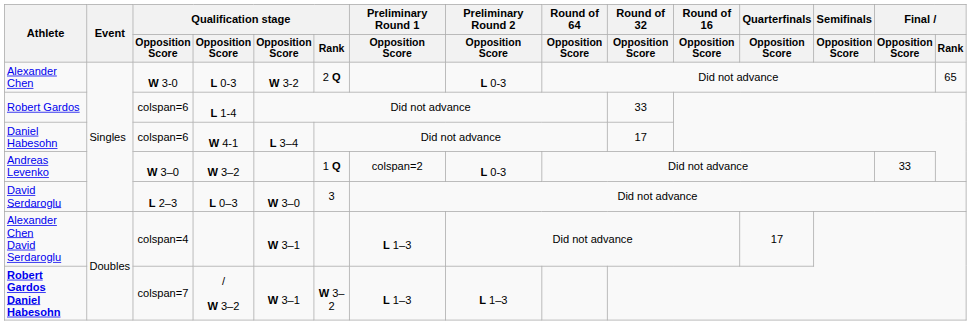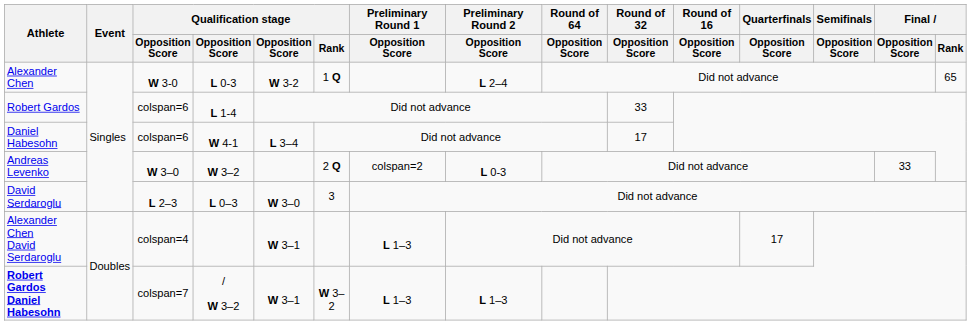 <table class=wikitable style=font-size:90%;text-align:center>
 <tr>
 <th rowspan=2>Athlete</th>
 <th rowspan=2>Event</th>
 <th colspan=4>Qualification stage</th>
 <th>Preliminary Round 1</th>
 <th>Preliminary Round 2</th>
 <th>Round of 64</th>
 <th>Round of 32</th>
 <th>Round of 16</th>
 <th>Quarterfinals</th>
 <th>Semifinals</th>
 <th colspan=2>Final / </th>
 </tr>
 <tr style=font-size:95%>
 <th>Opposition<br>Score</th>
 <th>Opposition<br>Score</th>
 <th>Opposition<br>Score</th>
 <th>Rank</th>
 <th>Opposition<br>Score</th>
 <th>Opposition<br>Score</th>
 <th>Opposition<br>Score</th>
 <th>Opposition<br>Score</th>
 <th>Opposition<br>Score</th>
 <th>Opposition<br>Score</th>
 <th>Opposition<br>Score</th>
 <th>Opposition<br>Score</th>
 <th>Rank</th>
 </tr>
 <tr>
 <td align=left><a href='#'>Alexander Chen</a></td>
 <td align=left rowspan=5>Singles</td>
 <td><br><strong>W</strong> 3-0</td>
 <td><br><strong>L</strong> 0-3</td>
 <td><br><strong>W</strong> 3-2</td>
-<td>2 <strong>Q</strong></td>
+<td>1 <strong>Q</strong></td>
 <td></td>
-<td><br><strong>L</strong> 0-3</td>
+<td><br><strong>L</strong> 2–4</td>
 <td colspan="6">Did not advance</td>
 <td>65</td>
 </tr>
 <tr>
 <td align=left><a href='#'>Robert Gardos</a></td>
 <td>colspan=6</td>
 <td><br><strong>L</strong> 1-4</td>
 <td colspan="5">Did not advance</td>
 <td>33</td>
 </tr>
 <tr>
 <td align=left><a href='#'>Daniel Habesohn</a></td>
 <td>colspan=6</td>
 <td><br><strong>W</strong> 4-1</td>
 <td><br><strong>L</strong> 3–4</td>
 <td colspan="4">Did not advance</td>
 <td>17</td>
 </tr>
 <tr>
 <td align=left><a href='#'>Andreas Levenko</a></td>
 <td><br><strong>W</strong> 3–0</td>
 <td><br><strong>W</strong> 3–2</td>
 <td></td>
-<td>1 <strong>Q</strong></td>
+<td>2 <strong>Q</strong></td>
 <td>colspan=2</td>
 <td><br><strong>L</strong> 0-3</td>
 <td colspan="5">Did not advance</td>
 <td>33</td>
 </tr>
 <tr>
 <td align=left><a href='#'>David Serdaroglu</a></td>
 <td><br><strong>L</strong> 2–3</td>
 <td><br><strong>L</strong> 0–3</td>
 <td><br><strong>W</strong> 3–0</td>
 <td>3</td>
 <td colspan="9">Did not advance</td>
 </tr>
 <tr>
 <td align=left><a href='#'>Alexander Chen</a><br><a href='#'>David Serdaroglu</a></td>
 <td rowspan=2>Doubles</td>
 <td>colspan=4</td>
 <td></td>
 <td><br><strong>W</strong> 3–1</td>
 <td></td>
 <td><br><strong>L</strong> 1–3</td>
 <td colspan="4">Did not advance</td>
 <td>17</td>
 </tr>
 <tr>
 <td align=left><strong><a href='#'>Robert Gardos</a><br><a href='#'>Daniel Habesohn</a></strong></td>
 <td>colspan=7</td>
 <td> /<br><br><strong>W</strong> 3–2</td>
 <td><br><strong>W</strong> 3–1</td>
 <td><br><strong>W</strong> 3–2</td>
 <td><br><strong>L</strong> 1–3</td>
 <td><br><strong>L</strong> 1–3</td>
 <td></td>
 </tr>
 </table>
